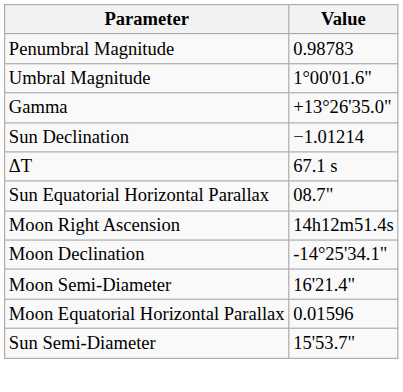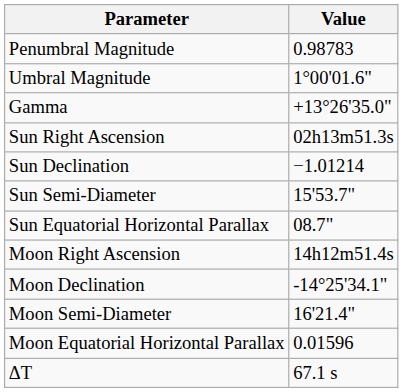 <table class="wikitable">
 <tr>
 <th>Parameter</th>
 <th>Value</th>
 </tr>
 <tr>
 <td>Penumbral Magnitude</td>
 <td>0.98783</td>
 </tr>
 <tr>
 <td>Umbral Magnitude</td>
 <td>1°00'01.6"</td>
 </tr>
 <tr>
 <td>Gamma</td>
 <td>+13°26'35.0"</td>
 </tr>
 <tr>
+<td>Sun Right Ascension</td>
+<td>02h13m51.3s</td>
+</tr>
+<tr>
 <td>Sun Declination</td>
 <td>−1.01214</td>
 </tr>
 <tr>
-<td>ΔT</td>
-<td>67.1 s</td>
+<td>Sun Semi-Diameter</td>
+<td>15'53.7"</td>
 </tr>
 <tr>
 <td>Sun Equatorial Horizontal Parallax</td>
 <td>08.7"</td>
 </tr>
 <tr>
 <td>Moon Right Ascension</td>
 <td>14h12m51.4s</td>
 </tr>
 <tr>
 <td>Moon Declination</td>
 <td>-14°25'34.1"</td>
 </tr>
 <tr>
 <td>Moon Semi-Diameter</td>
 <td>16'21.4"</td>
 </tr>
 <tr>
 <td>Moon Equatorial Horizontal Parallax</td>
 <td>0.01596</td>
 </tr>
 <tr>
-<td>Sun Semi-Diameter</td>
-<td>15'53.7"</td>
+<td>ΔT</td>
+<td>67.1 s</td>
 </tr>
 </table>
